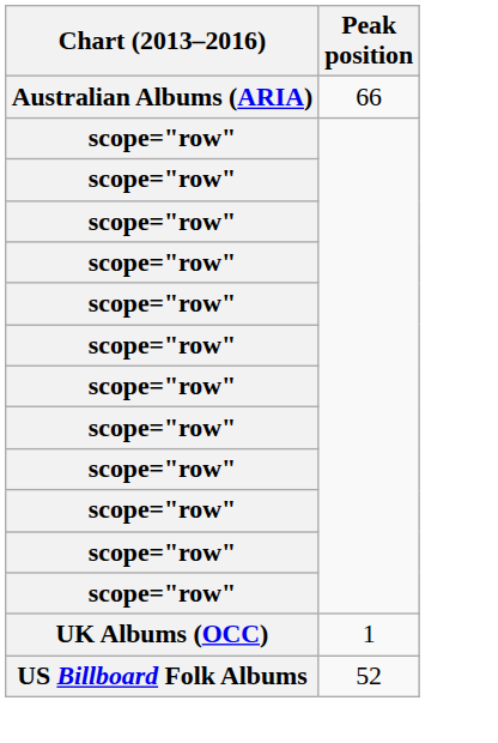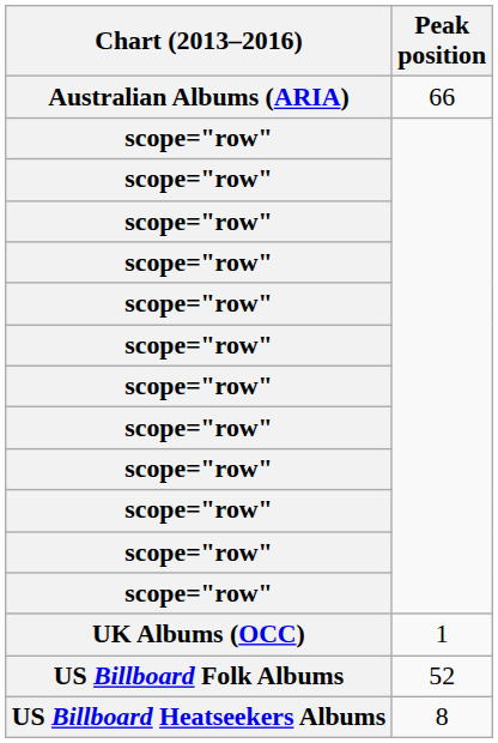 <table class="wikitable sortable plainrowheaders">
 <tr>
 <th scope="col">Chart (2013–2016)</th>
 <th scope="col">Peak<br>position</th>
 </tr>
 <tr>
 <th scope="row">Australian Albums (<a href='#'>ARIA</a>)</th>
 <td style="text-align:center;">66</td>
 </tr>
 <tr>
 <th>scope="row" </th>
 </tr>
 <tr>
 <th>scope="row" </th>
 </tr>
 <tr>
 <th>scope="row" </th>
 </tr>
 <tr>
 <th>scope="row" </th>
 </tr>
 <tr>
 <th>scope="row" </th>
 </tr>
 <tr>
 <th>scope="row" </th>
 </tr>
 <tr>
 <th>scope="row" </th>
 </tr>
 <tr>
 <th>scope="row" </th>
 </tr>
 <tr>
 <th>scope="row" </th>
 </tr>
 <tr>
 <th>scope="row" </th>
 </tr>
 <tr>
 <th>scope="row" </th>
 </tr>
 <tr>
 <th>scope="row" </th>
 </tr>
 <tr>
 <th scope="row">UK Albums (<a href='#'>OCC</a>)</th>
 <td align="center">1</td>
 </tr>
 <tr>
 <th scope="row">US <em><a href='#'>Billboard</a></em> Folk Albums</th>
 <td align="center">52</td>
 </tr>
+<tr>
+<th scope="row">US <em><a href='#'>Billboard</a></em> <a href='#'>Heatseekers</a> Albums</th>
+<td align="center">8</td>
+</tr>
 </table>
